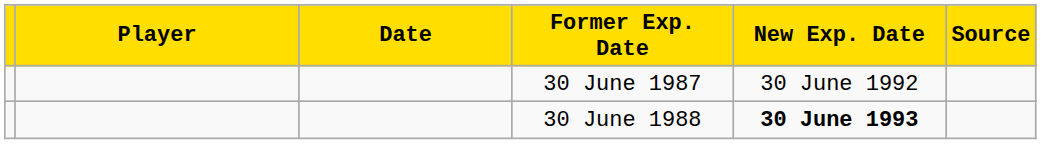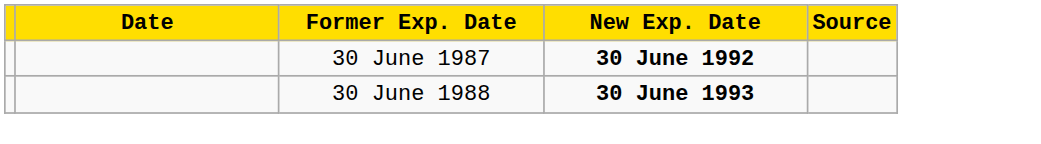 <table class="wikitable sortable">
 <tr>
 <th style="background:#FFDE00"></th>
-<th width=200 style="background:#FFDE00">Player</th>
 <th width=150 style="background:#FFDE00">Date</th>
 <th width=150 style="background:#FFDE00">Former Exp. Date</th>
 <th width=150 style="background:#FFDE00">New Exp. Date</th>
 <th style="background:#FFDE00">Source</th>
 </tr>
 <tr>
 <td align=center></td>
-<td></td>
 <td align=center></td>
 <td align=center>30 June 1987</td>
-<td align=center>30 June 1992</td>
+<td align=center><strong>30 June 1992</strong></td>
 <td align=center></td>
 </tr>
 <tr>
 <td align=center></td>
-<td></td>
 <td align=center></td>
 <td align=center>30 June 1988</td>
 <td align=center><strong>30 June 1993</strong></td>
 <td align=center></td>
 </tr>
 </table>
